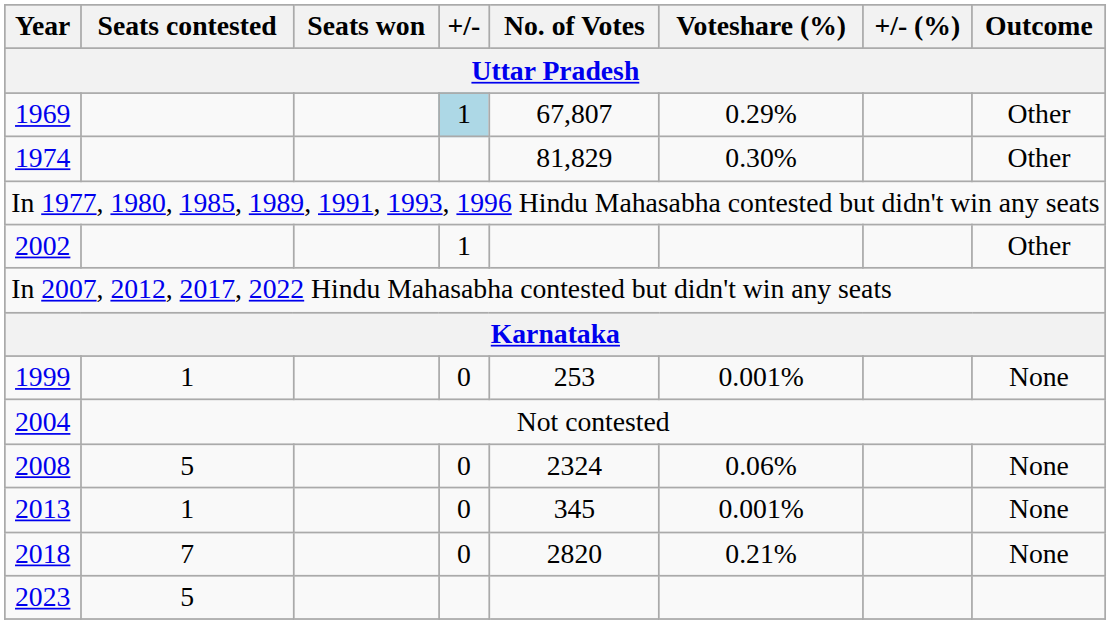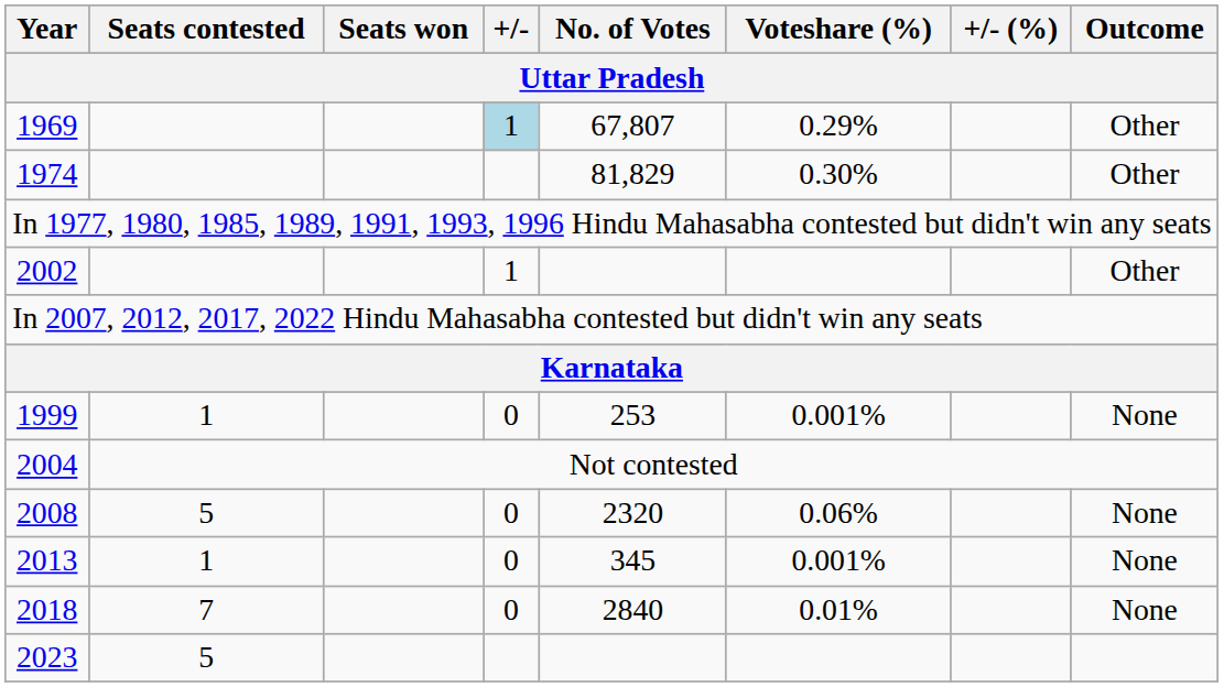 <table class="wikitable sortable">
 <tr>
 <th Style="background-color:">Year</th>
 <th Style="background-color:">Seats contested</th>
 <th Style="background-color:">Seats won</th>
 <th Style="background-color:">+/-</th>
 <th Style="background-color:">No. of Votes</th>
 <th Style="background-color:">Voteshare (%)</th>
 <th Style="background-color:">+/- (%)</th>
 <th Style="background-color:">Outcome</th>
 </tr>
 <tr>
 <th colspan="8"><a href='#'>Uttar Pradesh</a></th>
 </tr>
 <tr style="text-align:center;">
 <td><a href='#'>1969</a></td>
 <td></td>
 <td></td>
 <td style="background: lightblue;"> 1</td>
 <td>67,807</td>
 <td>0.29%</td>
 <td></td>
 <td>Other</td>
 </tr>
 <tr style="text-align:center;">
 <td><a href='#'>1974</a></td>
 <td></td>
 <td></td>
 <td></td>
 <td>81,829</td>
 <td>0.30%</td>
 <td></td>
 <td>Other</td>
 </tr>
 <tr>
 <td colspan="8">In <a href='#'>1977</a>, <a href='#'>1980</a>, <a href='#'>1985</a>, <a href='#'>1989</a>, <a href='#'>1991</a>, <a href='#'>1993</a>, <a href='#'>1996</a> Hindu Mahasabha contested but didn't win any seats</td>
 </tr>
 <tr style="text-align:center;">
 <td><a href='#'>2002</a></td>
 <td></td>
 <td></td>
 <td> 1</td>
 <td></td>
 <td></td>
 <td></td>
 <td>Other</td>
 </tr>
 <tr>
 <td colspan="8">In <a href='#'>2007</a>, <a href='#'>2012</a>, <a href='#'>2017</a>, <a href='#'>2022</a> Hindu Mahasabha contested but didn't win any seats</td>
 </tr>
 <tr>
 <th colspan="8"><a href='#'>Karnataka</a></th>
 </tr>
 <tr style="text-align:center;">
 <td><a href='#'>1999</a></td>
 <td>1</td>
 <td></td>
 <td>0</td>
 <td>253</td>
 <td>0.001%</td>
 <td></td>
 <td>None</td>
 </tr>
 <tr style="text-align:center;">
 <td><a href='#'>2004</a></td>
 <td colspan="7">Not contested</td>
 </tr>
 <tr style="text-align:center;">
 <td><a href='#'>2008</a></td>
 <td>5</td>
 <td></td>
 <td>0</td>
-<td>2324</td>
+<td>2320</td>
 <td>0.06%</td>
 <td></td>
 <td>None</td>
 </tr>
 <tr style="text-align:center;">
 <td><a href='#'>2013</a></td>
 <td>1</td>
 <td></td>
 <td>0</td>
 <td>345</td>
 <td>0.001%</td>
 <td></td>
 <td>None</td>
 </tr>
 <tr style="text-align:center;">
 <td><a href='#'>2018</a></td>
 <td>7</td>
 <td></td>
 <td>0</td>
-<td>2820</td>
-<td>0.21%</td>
+<td>2840</td>
+<td>0.01%</td>
 <td></td>
 <td>None</td>
 </tr>
 <tr style="text-align:center;">
 <td><a href='#'>2023</a></td>
 <td>5</td>
 <td></td>
 <td></td>
 <td></td>
 <td></td>
 <td></td>
 <td></td>
 </tr>
 </table>
